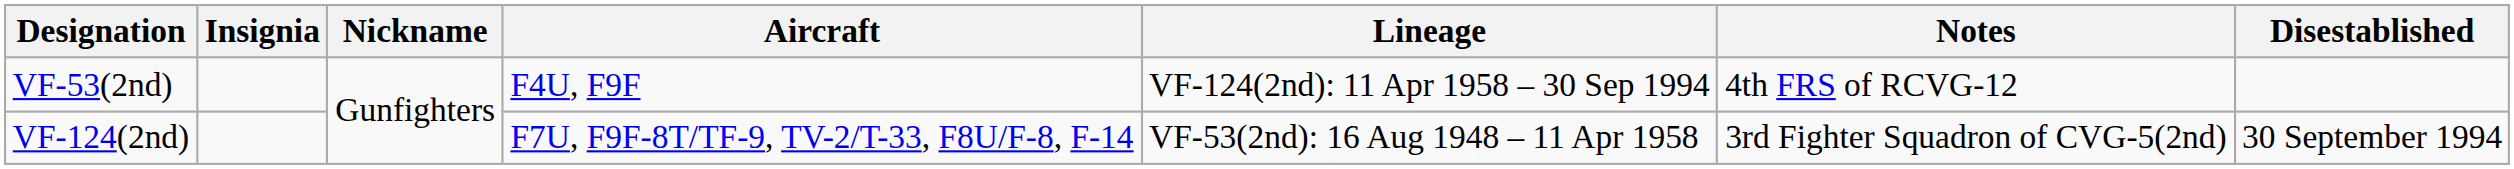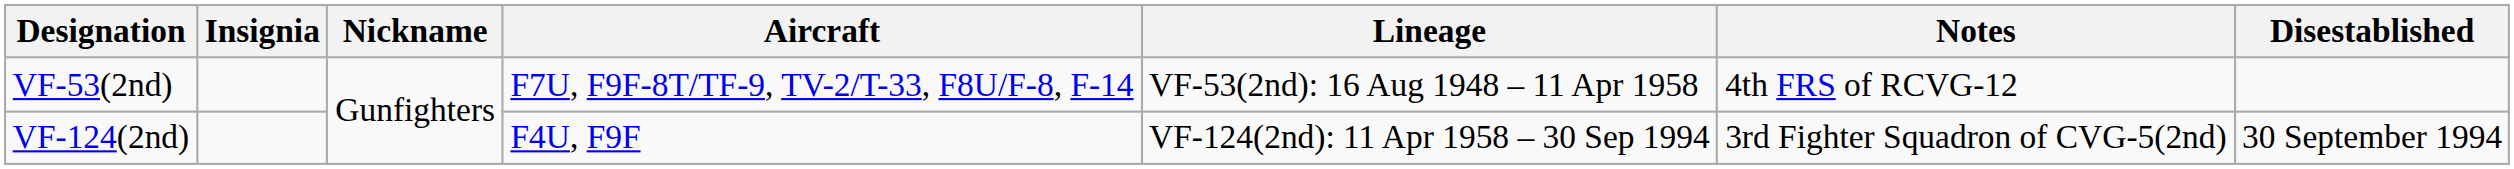 <table class="wikitable">
 <tr>
 <th>Designation</th>
 <th>Insignia</th>
 <th>Nickname</th>
 <th>Aircraft</th>
 <th>Lineage</th>
 <th>Notes</th>
 <th>Disestablished</th>
 </tr>
 <tr>
 <td><a href='#'>VF-53</a>(2nd)</td>
 <td></td>
 <td rowspan="2">Gunfighters</td>
-<td><a href='#'>F4U</a>, <a href='#'>F9F</a></td>
-<td style="white-space: nowrap;">VF-124(2nd): 11 Apr 1958 – 30 Sep 1994</td>
+<td><a href='#'>F7U</a>, <a href='#'>F9F-8T/TF-9</a>, <a href='#'>TV-2/T-33</a>, <a href='#'>F8U/F-8</a>, <a href='#'>F-14</a></td>
+<td>VF-53(2nd): 16 Aug 1948 – 11 Apr 1958</td>
 <td>4th <a href='#'>FRS</a> of RCVG-12</td>
 </tr>
 <tr>
 <td><a href='#'>VF-124</a>(2nd)</td>
 <td></td>
-<td><a href='#'>F7U</a>, <a href='#'>F9F-8T/TF-9</a>, <a href='#'>TV-2/T-33</a>, <a href='#'>F8U/F-8</a>, <a href='#'>F-14</a></td>
-<td>VF-53(2nd): 16 Aug 1948 – 11 Apr 1958</td>
+<td><a href='#'>F4U</a>, <a href='#'>F9F</a></td>
+<td style="white-space: nowrap;">VF-124(2nd): 11 Apr 1958 – 30 Sep 1994</td>
 <td>3rd Fighter Squadron of CVG-5(2nd)</td>
 <td>30 September 1994</td>
 </tr>
 </table>
